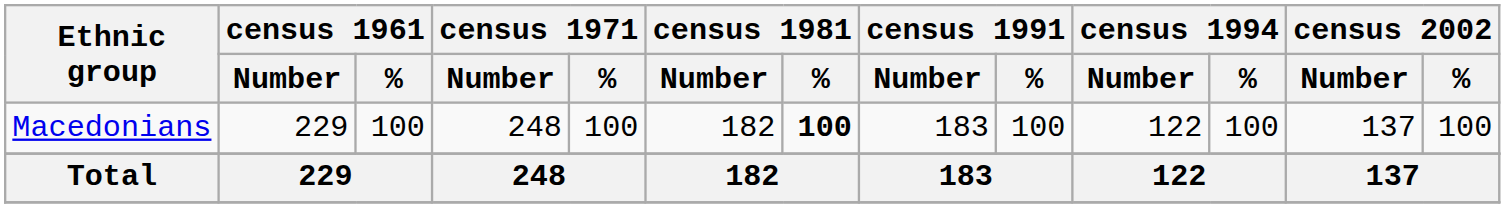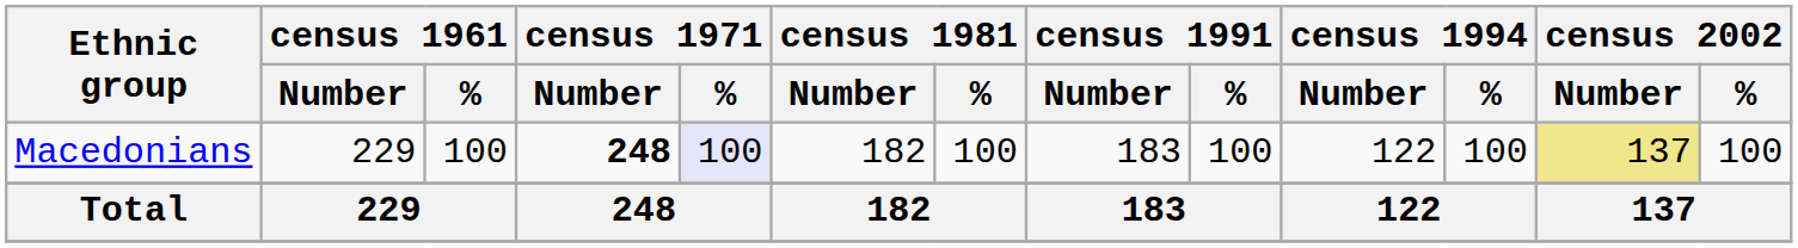 <table class="wikitable">
 <tr>
 <th rowspan="2">Ethnic<br>group</th>
 <th colspan="2">census 1961</th>
 <th colspan="2">census 1971</th>
 <th colspan="2">census 1981</th>
 <th colspan="2">census 1991</th>
 <th colspan="2">census 1994</th>
 <th colspan="2">census 2002</th>
 </tr>
 <tr bgcolor="#e0e0e0">
 <th>Number</th>
 <th>%</th>
 <th>Number</th>
 <th>%</th>
 <th>Number</th>
 <th>%</th>
 <th>Number</th>
 <th>%</th>
 <th>Number</th>
 <th>%</th>
 <th>Number</th>
 <th>%</th>
 </tr>
 <tr>
 <td><a href='#'>Macedonians</a></td>
 <td align="right">229</td>
 <td align="right">100</td>
-<td align="right">248</td>
+<td align="right"><strong>248</strong></td>
+<td align="right" style="background: lavender;">100</td>
+<td align="right">182</td>
 <td align="right">100</td>
-<td align="right">182</td>
-<td align="right"><strong>100</strong></td>
 <td align="right">183</td>
 <td align="right">100</td>
 <td align="right">122</td>
 <td align="right">100</td>
-<td align="right">137</td>
+<td align="right" style="background: khaki;">137</td>
 <td align="right">100</td>
 </tr>
 <tr>
 </tr>
 <tr bgcolor="#e0e0e0">
 <th align="left">Total</th>
 <th colspan="2">229</th>
 <th colspan="2">248</th>
 <th colspan="2">182</th>
 <th colspan="2">183</th>
 <th colspan="2">122</th>
 <th colspan="2">137</th>
 </tr>
 <tr>
 </tr>
 </table>
